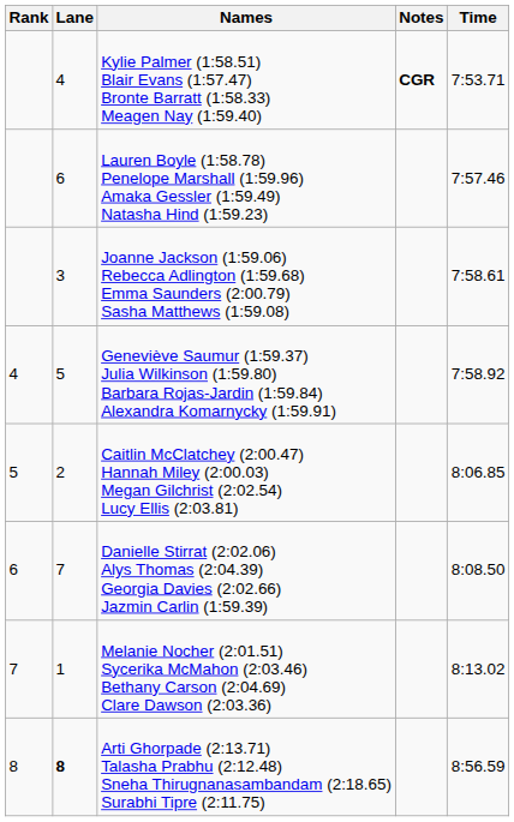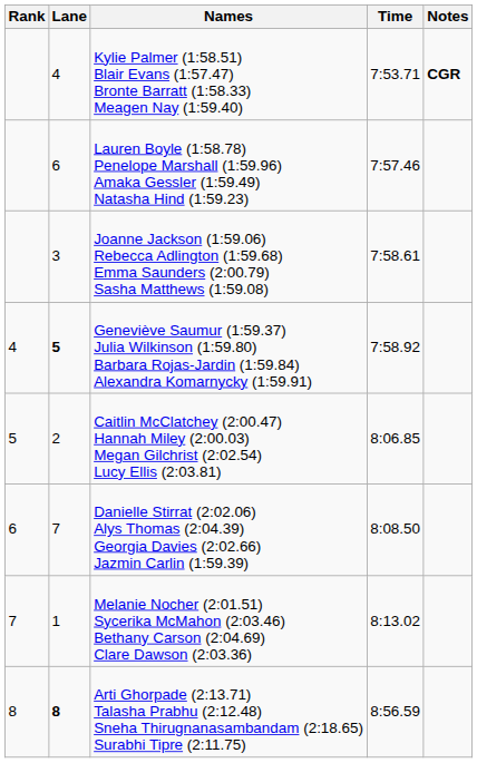 <table class="wikitable">
 <tr>
 <th>Rank</th>
 <th>Lane</th>
 <th>Names</th>
+<th>Time</th>
 <th>Notes</th>
-<th>Time</th>
 </tr>
 <tr>
 <td></td>
 <td>4</td>
 <td><br><a href='#'>Kylie Palmer</a> (1:58.51)<br><a href='#'>Blair Evans</a> (1:57.47)<br><a href='#'>Bronte Barratt</a> (1:58.33)<br><a href='#'>Meagen Nay</a> (1:59.40)</td>
+<td>7:53.71</td>
 <td><strong>CGR</strong></td>
-<td>7:53.71</td>
 </tr>
 <tr>
 <td></td>
 <td>6</td>
 <td><br><a href='#'>Lauren Boyle</a> (1:58.78)<br><a href='#'>Penelope Marshall</a> (1:59.96)<br><a href='#'>Amaka Gessler</a> (1:59.49)<br><a href='#'>Natasha Hind</a> (1:59.23)</td>
+<td>7:57.46</td>
 <td></td>
-<td>7:57.46</td>
 </tr>
 <tr>
 <td></td>
 <td>3</td>
 <td><br><a href='#'>Joanne Jackson</a> (1:59.06)<br><a href='#'>Rebecca Adlington</a> (1:59.68)<br><a href='#'>Emma Saunders</a> (2:00.79)<br><a href='#'>Sasha Matthews</a> (1:59.08)</td>
+<td>7:58.61</td>
 <td></td>
-<td>7:58.61</td>
 </tr>
 <tr>
 <td>4</td>
-<td>5</td>
+<td><strong>5</strong></td>
 <td><br><a href='#'>Geneviève Saumur</a> (1:59.37)<br><a href='#'>Julia Wilkinson</a> (1:59.80)<br><a href='#'>Barbara Rojas-Jardin</a> (1:59.84)<br><a href='#'>Alexandra Komarnycky</a> (1:59.91)</td>
+<td>7:58.92</td>
 <td></td>
-<td>7:58.92</td>
 </tr>
 <tr>
 <td>5</td>
 <td>2</td>
 <td><br><a href='#'>Caitlin McClatchey</a> (2:00.47)<br><a href='#'>Hannah Miley</a> (2:00.03)<br><a href='#'>Megan Gilchrist</a> (2:02.54)<br><a href='#'>Lucy Ellis</a> (2:03.81)</td>
+<td>8:06.85</td>
 <td></td>
-<td>8:06.85</td>
 </tr>
 <tr>
 <td>6</td>
 <td>7</td>
 <td><br><a href='#'>Danielle Stirrat</a> (2:02.06)<br><a href='#'>Alys Thomas</a> (2:04.39)<br><a href='#'>Georgia Davies</a> (2:02.66)<br><a href='#'>Jazmin Carlin</a> (1:59.39)</td>
+<td>8:08.50</td>
 <td></td>
-<td>8:08.50</td>
 </tr>
 <tr>
 <td>7</td>
 <td>1</td>
 <td><br><a href='#'>Melanie Nocher</a> (2:01.51)<br><a href='#'>Sycerika McMahon</a> (2:03.46)<br><a href='#'>Bethany Carson</a> (2:04.69)<br><a href='#'>Clare Dawson</a> (2:03.36)</td>
+<td>8:13.02</td>
 <td></td>
-<td>8:13.02</td>
 </tr>
 <tr>
 <td>8</td>
 <td><strong>8</strong></td>
 <td><br><a href='#'>Arti Ghorpade</a> (2:13.71)<br><a href='#'>Talasha Prabhu</a> (2:12.48)<br><a href='#'>Sneha Thirugnanasambandam</a> (2:18.65)<br><a href='#'>Surabhi Tipre</a> (2:11.75)</td>
+<td>8:56.59</td>
 <td></td>
-<td>8:56.59</td>
 </tr>
 </table>
